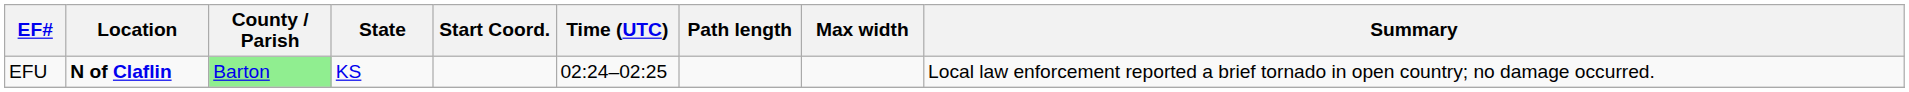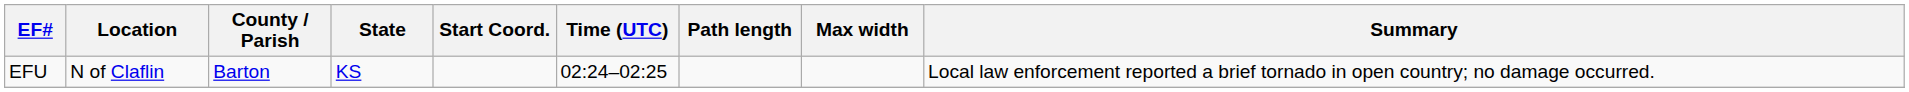 <table class="wikitable sortable" style="width:100%;">
 <tr>
 <th scope="col" style="width:3%; text-align:center;"><a href='#'>EF#</a></th>
 <th scope="col" style="width:7%; text-align:center;" class="unsortable">Location</th>
 <th scope="col" style="width:6%; text-align:center;" class="unsortable">County / Parish</th>
 <th scope="col" style="width:5%; text-align:center;">State</th>
 <th scope="col" style="width:6%; text-align:center;">Start Coord.</th>
 <th scope="col" style="width:6%; text-align:center;">Time (<a href='#'>UTC</a>)</th>
 <th scope="col" style="width:6%; text-align:center;">Path length</th>
 <th scope="col" style="width:6%; text-align:center;">Max width</th>
 <th scope="col" class="unsortable" style="width:48%; text-align:center;">Summary</th>
 </tr>
 <tr>
 <td bgcolor=>EFU</td>
-<td><strong>N of <a href='#'>Claflin</a></strong></td>
-<td style="background: lightgreen;"><a href='#'>Barton</a></td>
+<td>N of <a href='#'>Claflin</a></td>
+<td><a href='#'>Barton</a></td>
 <td><a href='#'>KS</a></td>
 <td></td>
 <td>02:24–02:25</td>
 <td></td>
 <td></td>
 <td>Local law enforcement reported a brief tornado in open country; no damage occurred.</td>
 </tr>
 <tr>
 </tr>
 </table>
